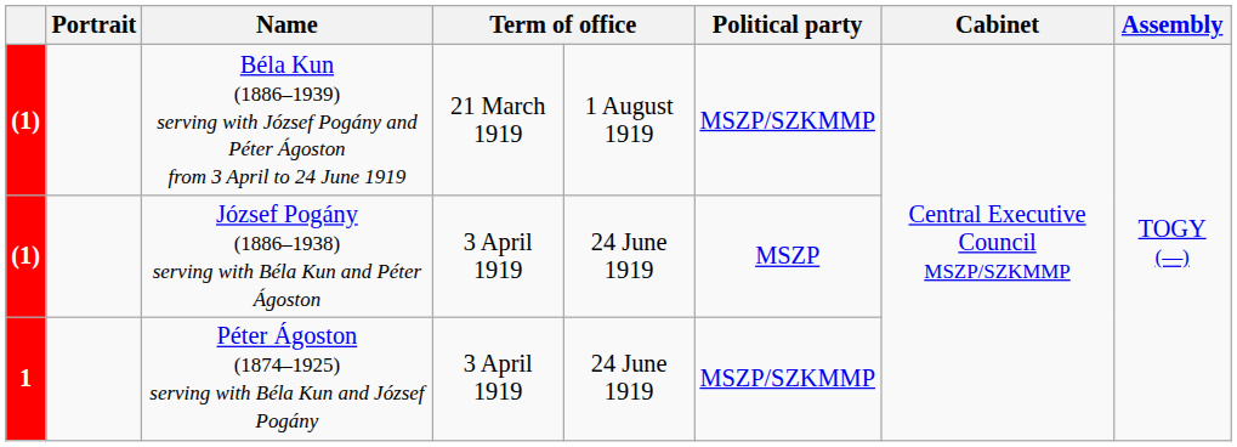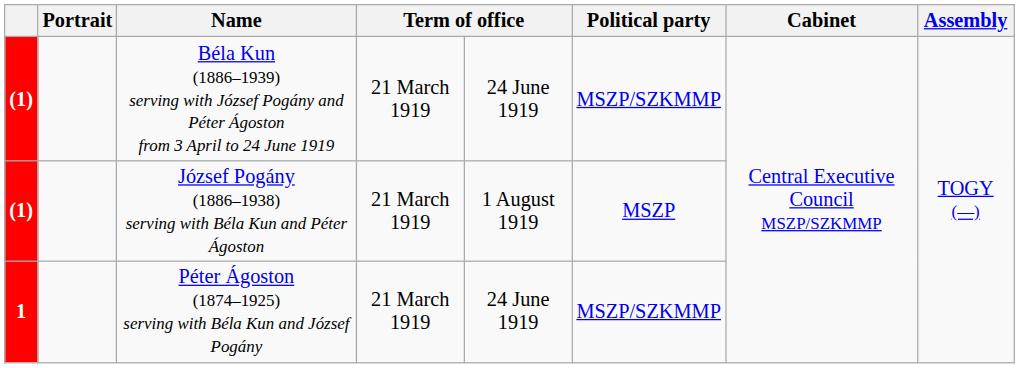 <table class="wikitable" style="width:90%; text-align:center;">
 <tr>
 <th></th>
 <th>Portrait</th>
 <th>Name<br></th>
 <th colspan=2>Term of office</th>
 <th>Political party</th>
 <th>Cabinet</th>
 <th><a href='#'>Assembly</a><br></th>
 </tr>
 <tr>
 <th style="background-color:Red; color:white">(1)</th>
 <td></td>
 <td><a href='#'>Béla Kun</a><br><small>(1886–1939)<br><em>serving with József Pogány and Péter Ágoston<br>from 3 April to 24 June 1919</em></small></td>
 <td>21 March 1919</td>
-<td>1 August 1919</td>
+<td>24 June 1919</td>
 <td><a href='#'>MSZP/SZKMMP</a></td>
 <td rowspan="3"><a href='#'>Central Executive Council</a><br><small><a href='#'>MSZP/SZKMMP</a></small></td>
 <td rowspan="3"><a href='#'>TOGY <small>(—)</small></a></td>
 </tr>
 <tr>
 <th style="background-color:Red; color:white">(1)</th>
 <td></td>
 <td><a href='#'>József Pogány</a><br><small>(1886–1938)<br><em>serving with Béla Kun and Péter Ágoston</em></small></td>
-<td>3 April 1919</td>
-<td>24 June 1919</td>
+<td>21 March 1919</td>
+<td>1 August 1919</td>
 <td><a href='#'>MSZP</a></td>
 </tr>
 <tr>
 <th style="background-color:Red; color:white">1</th>
 <td></td>
 <td><a href='#'>Péter Ágoston</a><br><small>(1874–1925)<br><em>serving with Béla Kun and József Pogány</em></small></td>
-<td>3 April 1919</td>
+<td>21 March 1919</td>
 <td>24 June 1919</td>
 <td><a href='#'>MSZP/SZKMMP</a></td>
 </tr>
 </table>
